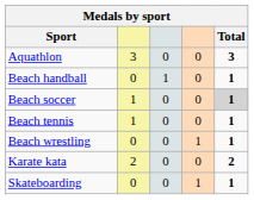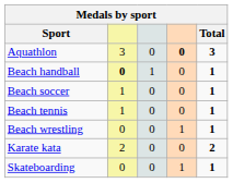 <table class="wikitable" style="font-size:90%; text-align:center;">
 <tr>
 <th colspan="5">Medals by sport</th>
 </tr>
 <tr>
 <th width="120">Sport</th>
 <th scope="col" width="30" style="background:#F7F6A8;"></th>
 <th scope="col" width="30" style="background:#DCE5E5;"></th>
 <th scope="col" width="30" style="background:#FFDAB9;"></th>
 <th width="30">Total</th>
 </tr>
 <tr>
 <td align="left"><a href='#'>Aquathlon</a></td>
 <td style="background:#F7F6A8;">3</td>
 <td style="background:#DCE5E5;">0</td>
-<td style="background:#FFDAB9;">0</td>
+<td style="background:#FFDAB9;"><strong>0</strong></td>
 <td><strong>3</strong></td>
 </tr>
 <tr>
 <td align="left"><a href='#'>Beach handball</a></td>
-<td style="background:#F7F6A8;">0</td>
+<td style="background:#F7F6A8;"><strong>0</strong></td>
 <td style="background:#DCE5E5;">1</td>
 <td style="background:#FFDAB9;">0</td>
 <td><strong>1</strong></td>
 </tr>
 <tr>
 <td align="left"><a href='#'>Beach soccer</a></td>
 <td style="background:#F7F6A8;">1</td>
 <td style="background:#DCE5E5;">0</td>
 <td style="background:#FFDAB9;">0</td>
-<td style="background: lightgrey;"><strong>1</strong></td>
+<td><strong>1</strong></td>
 </tr>
 <tr>
 <td align="left"><a href='#'>Beach tennis</a></td>
 <td style="background:#F7F6A8;">1</td>
 <td style="background:#DCE5E5;">0</td>
 <td style="background:#FFDAB9;">0</td>
 <td><strong>1</strong></td>
 </tr>
 <tr>
 <td align="left"><a href='#'>Beach wrestling</a></td>
 <td style="background:#F7F6A8;">0</td>
 <td style="background:#DCE5E5;">0</td>
 <td style="background:#FFDAB9;">1</td>
 <td><strong>1</strong></td>
 </tr>
 <tr>
 <td align="left"><a href='#'>Karate kata</a></td>
 <td style="background:#F7F6A8;">2</td>
 <td style="background:#DCE5E5;">0</td>
 <td style="background:#FFDAB9;">0</td>
 <td><strong>2</strong></td>
 </tr>
 <tr>
 <td align="left"><a href='#'>Skateboarding</a></td>
 <td style="background:#F7F6A8;">0</td>
 <td style="background:#DCE5E5;">0</td>
 <td style="background:#FFDAB9;">1</td>
 <td><strong>1</strong></td>
 </tr>
 </table>
